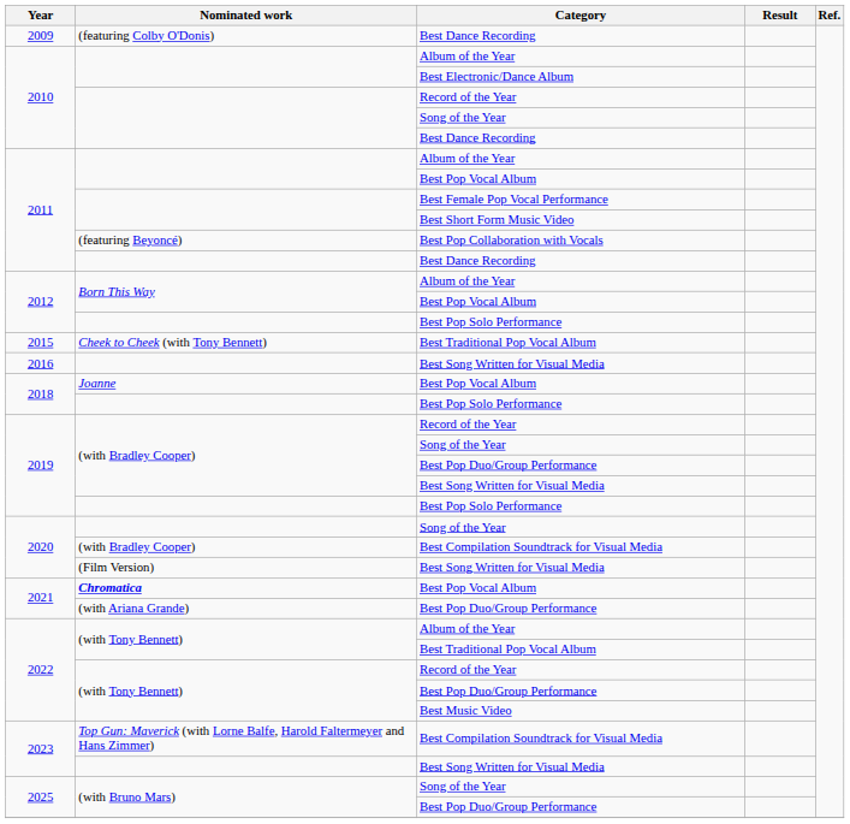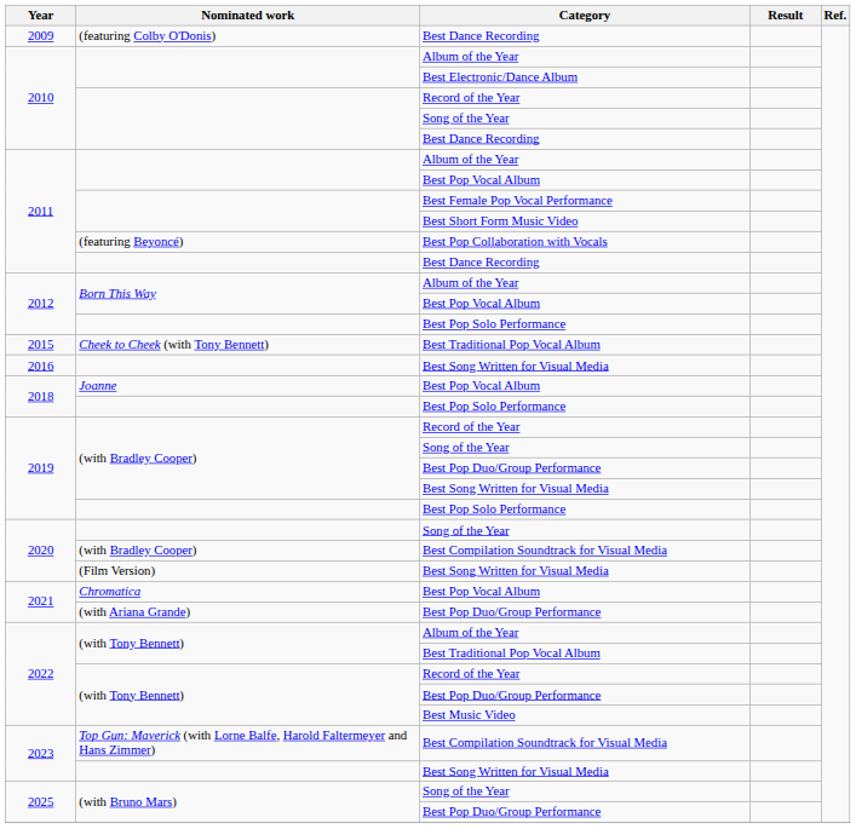 <table class=wikitable>
 <tr>
 <th scope="col" style="width:5em;">Year</th>
 <th scope="col" style="width:26em;">Nominated work</th>
 <th scope="col" style="width:25em;">Category</th>
 <th scope="col" style="width:5em;">Result</th>
 <th>Ref.</th>
 </tr>
 <tr>
 <td align="center"><a href='#'>2009</a></td>
 <td> (featuring <a href='#'>Colby O'Donis</a>)</td>
 <td><a href='#'>Best Dance Recording</a></td>
 <td></td>
 <td rowspan="38" style="text-align:center;"></td>
 </tr>
 <tr>
 <td align="center" rowspan="5"><a href='#'>2010</a></td>
 <td rowspan="2"><em></em></td>
 <td><a href='#'>Album of the Year</a></td>
 <td></td>
 </tr>
 <tr>
 <td><a href='#'>Best Electronic/Dance Album</a></td>
 <td></td>
 </tr>
 <tr>
 <td rowspan="3"></td>
 <td><a href='#'>Record of the Year</a></td>
 <td></td>
 </tr>
 <tr>
 <td><a href='#'>Song of the Year</a></td>
 <td></td>
 </tr>
 <tr>
 <td><a href='#'>Best Dance Recording</a></td>
 <td></td>
 </tr>
 <tr>
 <td align="center" rowspan="6"><a href='#'>2011</a></td>
 <td rowspan="2"><em></em></td>
 <td><a href='#'>Album of the Year</a></td>
 <td></td>
 </tr>
 <tr>
 <td><a href='#'>Best Pop Vocal Album</a></td>
 <td></td>
 </tr>
 <tr>
 <td rowspan="2"></td>
 <td><a href='#'>Best Female Pop Vocal Performance</a></td>
 <td></td>
 </tr>
 <tr>
 <td><a href='#'>Best Short Form Music Video</a></td>
 <td></td>
 </tr>
 <tr>
 <td> (featuring <a href='#'>Beyoncé</a>)</td>
 <td><a href='#'>Best Pop Collaboration with Vocals</a></td>
 <td></td>
 </tr>
 <tr>
 <td></td>
 <td><a href='#'>Best Dance Recording</a></td>
 <td></td>
 </tr>
 <tr>
 <td align="center" rowspan="3"><a href='#'>2012</a></td>
 <td rowspan="2"><em><a href='#'>Born This Way</a></em></td>
 <td><a href='#'>Album of the Year</a></td>
 <td></td>
 </tr>
 <tr>
 <td><a href='#'>Best Pop Vocal Album</a></td>
 <td></td>
 </tr>
 <tr>
 <td></td>
 <td><a href='#'>Best Pop Solo Performance</a></td>
 <td></td>
 </tr>
 <tr>
 <td align="center"><a href='#'>2015</a></td>
 <td><em><a href='#'>Cheek to Cheek</a></em> (with <a href='#'>Tony Bennett</a>)</td>
 <td><a href='#'>Best Traditional Pop Vocal Album</a></td>
 <td></td>
 </tr>
 <tr>
 <td align="center"><a href='#'>2016</a></td>
 <td></td>
 <td><a href='#'>Best Song Written for Visual Media</a></td>
 <td></td>
 </tr>
 <tr>
 <td align="center" rowspan="2"><a href='#'>2018</a></td>
 <td><em><a href='#'>Joanne</a></em></td>
 <td><a href='#'>Best Pop Vocal Album</a></td>
 <td></td>
 </tr>
 <tr>
 <td></td>
 <td><a href='#'>Best Pop Solo Performance</a></td>
 <td></td>
 </tr>
 <tr>
 <td align="center" rowspan="5"><a href='#'>2019</a></td>
 <td rowspan="4"> (with <a href='#'>Bradley Cooper</a>)</td>
 <td><a href='#'>Record of the Year</a></td>
 <td></td>
 </tr>
 <tr>
 <td><a href='#'>Song of the Year</a></td>
 <td></td>
 </tr>
 <tr>
 <td><a href='#'>Best Pop Duo/Group Performance</a></td>
 <td></td>
 </tr>
 <tr>
 <td><a href='#'>Best Song Written for Visual Media</a></td>
 <td></td>
 </tr>
 <tr>
 <td></td>
 <td><a href='#'>Best Pop Solo Performance</a></td>
 <td></td>
 </tr>
 <tr>
 <td align="center" rowspan="3"><a href='#'>2020</a></td>
 <td></td>
 <td><a href='#'>Song of the Year</a></td>
 <td></td>
 </tr>
 <tr>
 <td> (with <a href='#'>Bradley Cooper</a>)</td>
 <td><a href='#'>Best Compilation Soundtrack for Visual Media</a></td>
 <td></td>
 </tr>
 <tr>
 <td> (Film Version)</td>
 <td><a href='#'>Best Song Written for Visual Media</a></td>
 <td></td>
 </tr>
 <tr>
 <td align="center" rowspan="2"><a href='#'>2021</a></td>
-<td><strong><em><a href='#'>Chromatica</a></em></strong></td>
+<td><em><a href='#'>Chromatica</a></em></td>
 <td><a href='#'>Best Pop Vocal Album</a></td>
 <td></td>
 </tr>
 <tr>
 <td> (with <a href='#'>Ariana Grande</a>)</td>
 <td><a href='#'>Best Pop Duo/Group Performance</a></td>
 <td></td>
 </tr>
 <tr>
 <td align="center" rowspan="5"><a href='#'>2022</a></td>
 <td rowspan="2"> (with <a href='#'>Tony Bennett</a>)</td>
 <td><a href='#'>Album of the Year</a></td>
 <td></td>
 </tr>
 <tr>
 <td><a href='#'>Best Traditional Pop Vocal Album</a></td>
 <td></td>
 </tr>
 <tr>
 <td rowspan="3"> (with <a href='#'>Tony Bennett</a>)</td>
 <td><a href='#'>Record of the Year</a></td>
 <td></td>
 </tr>
 <tr>
 <td><a href='#'>Best Pop Duo/Group Performance</a></td>
 <td></td>
 </tr>
 <tr>
 <td><a href='#'>Best Music Video</a></td>
 <td></td>
 </tr>
 <tr>
 <td align="center" rowspan="2"><a href='#'>2023</a></td>
 <td><em><a href='#'>Top Gun: Maverick</a></em> (with <a href='#'>Lorne Balfe</a>, <a href='#'>Harold Faltermeyer</a> and <a href='#'>Hans Zimmer</a>)</td>
 <td><a href='#'>Best Compilation Soundtrack for Visual Media</a></td>
 <td></td>
 </tr>
 <tr>
 <td></td>
 <td><a href='#'>Best Song Written for Visual Media</a></td>
 <td></td>
 </tr>
 <tr>
 <td align="center" rowspan="2"><a href='#'>2025</a></td>
 <td rowspan="2"> (with <a href='#'>Bruno Mars</a>)</td>
 <td><a href='#'>Song of the Year</a></td>
 <td></td>
 </tr>
 <tr>
 <td><a href='#'>Best Pop Duo/Group Performance</a></td>
 <td></td>
 </tr>
 <tr>
 </tr>
 </table>
